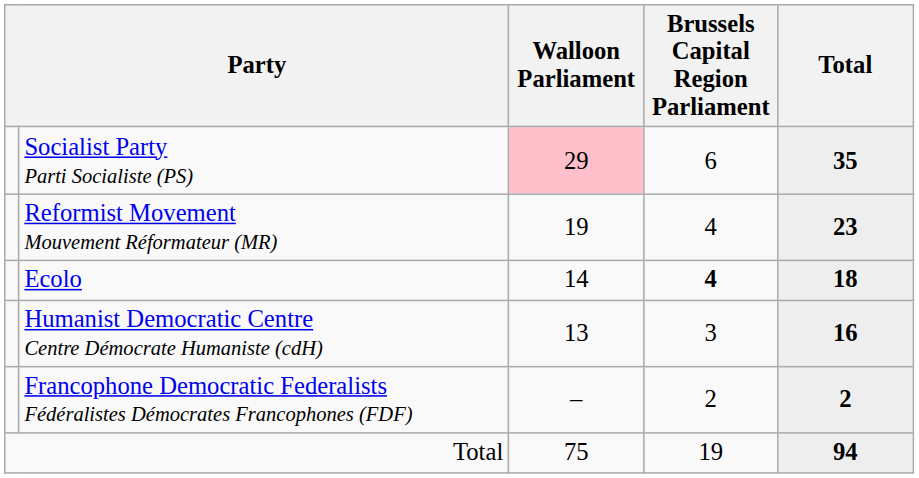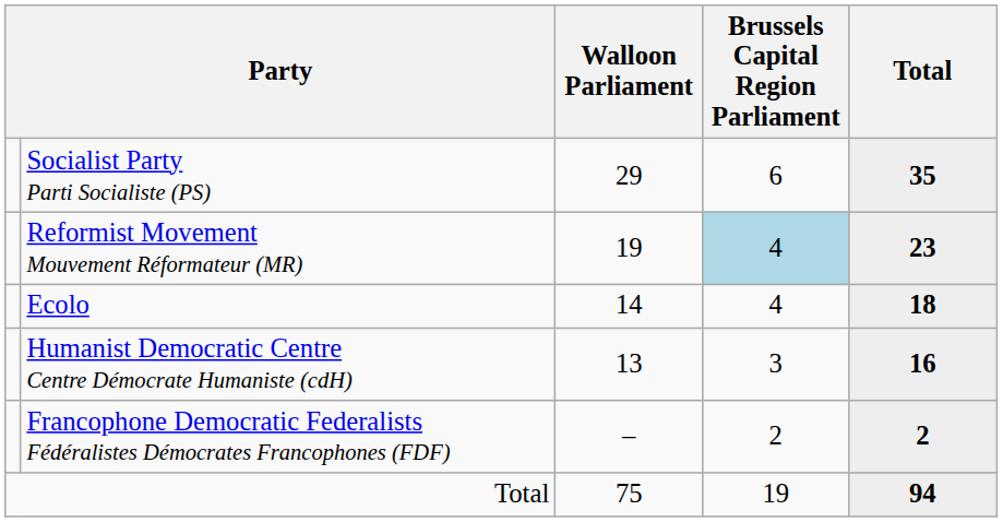 <table class="wikitable">
 <tr>
 <th style="width: 20em" colspan="2">Party</th>
 <th style="width: 5em">Walloon Parliament</th>
 <th style="width: 5em">Brussels Capital Region Parliament</th>
 <th style="width: 5em">Total</th>
 </tr>
 <tr>
 <td></td>
 <td><a href='#'>Socialist Party</a><br><small><em>Parti Socialiste (PS)</em></small></td>
-<td align="center" style="background: pink;">29</td>
+<td align="center">29</td>
 <td align="center">6</td>
 <td align="center" style="background-color:#EEEEEE"><strong>35</strong></td>
 </tr>
 <tr>
 <td></td>
 <td><a href='#'>Reformist Movement</a><br><small><em>Mouvement Réformateur (MR)</em></small></td>
 <td align="center">19</td>
-<td align="center">4</td>
+<td align="center" style="background: lightblue;">4</td>
 <td align="center" style="background-color:#EEEEEE"><strong>23</strong></td>
 </tr>
 <tr>
 <td></td>
 <td><a href='#'>Ecolo</a></td>
 <td align="center">14</td>
-<td align="center"><strong>4</strong></td>
+<td align="center">4</td>
 <td align="center" style="background-color:#EEEEEE"><strong>18</strong></td>
 </tr>
 <tr>
 <td></td>
 <td><a href='#'>Humanist Democratic Centre</a><br><small><em>Centre Démocrate Humaniste (cdH)</em></small></td>
 <td align="center">13</td>
 <td align="center">3</td>
 <td align="center" style="background-color:#EEEEEE"><strong>16</strong></td>
 </tr>
 <tr>
 <td></td>
 <td><a href='#'>Francophone Democratic Federalists</a><br><small><em>Fédéralistes Démocrates Francophones (FDF)</em></small></td>
 <td align="center">–</td>
 <td align="center">2</td>
 <td align="center" style="background-color:#EEEEEE"><strong>2</strong></td>
 </tr>
 <tr>
 <td colspan="2" align="right">Total</td>
 <td align="center">75</td>
 <td align="center">19</td>
 <td align="center" style="background-color:#EEEEEE"><strong>94</strong></td>
 </tr>
 </table>
